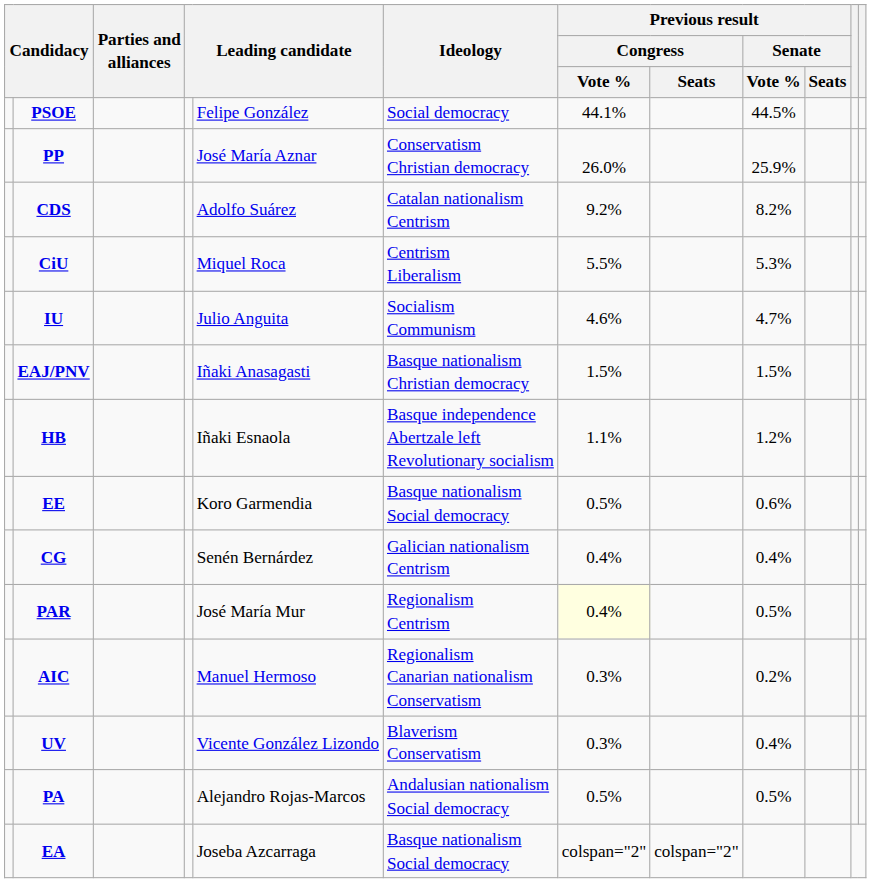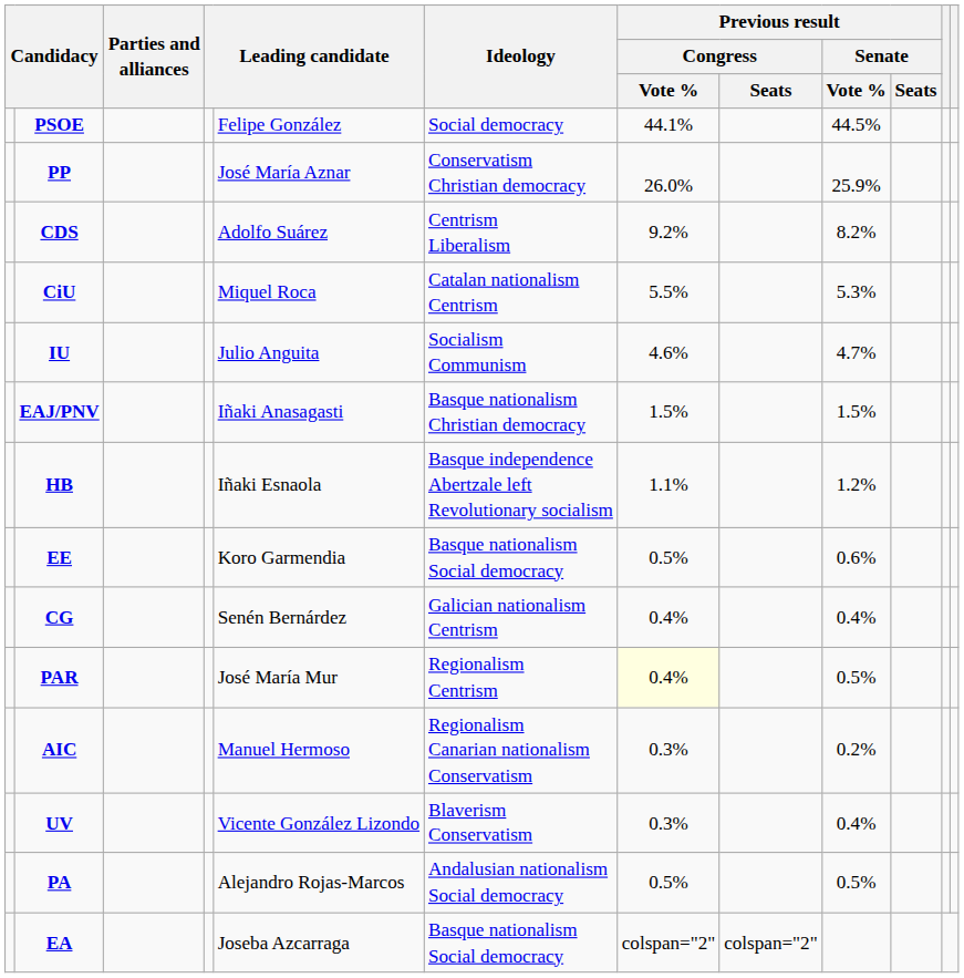 <table class="wikitable" style="line-height:1.35em; text-align:left;">
 <tr>
 <th colspan="2" rowspan="3">Candidacy</th>
 <th rowspan="3">Parties and<br>alliances</th>
 <th colspan="2" rowspan="3">Leading candidate</th>
 <th rowspan="3">Ideology</th>
 <th colspan="4">Previous result</th>
 <th rowspan="3"></th>
 <th rowspan="3"></th>
 </tr>
 <tr>
 <th colspan="2">Congress</th>
 <th colspan="2">Senate</th>
 </tr>
 <tr>
 <th>Vote %</th>
 <th>Seats</th>
 <th>Vote %</th>
 <th>Seats</th>
 </tr>
 <tr>
 <td width="1" style="color:inherit;background:"></td>
 <td align="center"><strong><a href='#'>PSOE</a></strong></td>
 <td></td>
 <td></td>
 <td><a href='#'>Felipe González</a></td>
 <td><a href='#'>Social democracy</a></td>
 <td align="center">44.1%</td>
 <td></td>
 <td align="center">44.5%</td>
 <td></td>
 <td></td>
 <td></td>
 </tr>
 <tr>
 <td style="color:inherit;background:"></td>
 <td align="center"><strong><a href='#'>PP</a></strong></td>
 <td></td>
 <td></td>
 <td><a href='#'>José María Aznar</a></td>
 <td><a href='#'>Conservatism</a><br><a href='#'>Christian democracy</a></td>
 <td align="center"><br>26.0%<br></td>
 <td></td>
 <td align="center"><br>25.9%<br></td>
 <td></td>
 <td></td>
 <td></td>
 </tr>
 <tr>
 <td style="color:inherit;background:"></td>
 <td align="center"><strong><a href='#'>CDS</a></strong></td>
 <td></td>
 <td></td>
 <td><a href='#'>Adolfo Suárez</a></td>
-<td><a href='#'>Catalan nationalism</a><br><a href='#'>Centrism</a></td>
+<td><a href='#'>Centrism</a><br><a href='#'>Liberalism</a></td>
 <td align="center">9.2%</td>
 <td></td>
 <td align="center">8.2%</td>
 <td></td>
 <td></td>
 <td></td>
 </tr>
 <tr>
 <td style="color:inherit;background:"></td>
 <td align="center"><strong><a href='#'>CiU</a></strong></td>
 <td></td>
 <td></td>
 <td><a href='#'>Miquel Roca</a></td>
-<td><a href='#'>Centrism</a><br><a href='#'>Liberalism</a></td>
+<td><a href='#'>Catalan nationalism</a><br><a href='#'>Centrism</a></td>
 <td align="center">5.5%</td>
 <td></td>
 <td align="center">5.3%</td>
 <td></td>
 <td></td>
 <td></td>
 </tr>
 <tr>
 <td style="color:inherit;background:"></td>
 <td align="center"><strong><a href='#'>IU</a></strong></td>
 <td></td>
 <td></td>
 <td><a href='#'>Julio Anguita</a></td>
 <td><a href='#'>Socialism</a><br><a href='#'>Communism</a></td>
 <td align="center">4.6%</td>
 <td></td>
 <td align="center">4.7%</td>
 <td></td>
 <td></td>
 <td></td>
 </tr>
 <tr>
 <td style="color:inherit;background:"></td>
 <td align="center"><strong><a href='#'>EAJ/PNV</a></strong></td>
 <td></td>
 <td></td>
 <td><a href='#'>Iñaki Anasagasti</a></td>
 <td><a href='#'>Basque nationalism</a><br><a href='#'>Christian democracy</a></td>
 <td align="center">1.5%</td>
 <td></td>
 <td align="center">1.5%</td>
 <td></td>
 <td></td>
 <td></td>
 </tr>
 <tr>
 <td style="color:inherit;background:"></td>
 <td align="center"><strong><a href='#'>HB</a></strong></td>
 <td></td>
 <td></td>
 <td>Iñaki Esnaola</td>
 <td><a href='#'>Basque independence</a><br><a href='#'>Abertzale left</a><br><a href='#'>Revolutionary socialism</a></td>
 <td align="center">1.1%</td>
 <td></td>
 <td align="center">1.2%</td>
 <td></td>
 <td></td>
 <td></td>
 </tr>
 <tr>
 <td style="color:inherit;background:"></td>
 <td align="center"><strong><a href='#'>EE</a></strong></td>
 <td></td>
 <td></td>
 <td>Koro Garmendia</td>
 <td><a href='#'>Basque nationalism</a><br><a href='#'>Social democracy</a></td>
 <td align="center">0.5%</td>
 <td></td>
 <td align="center">0.6%</td>
 <td></td>
 <td></td>
 <td></td>
 </tr>
 <tr>
 <td style="color:inherit;background:"></td>
 <td align="center"><strong><a href='#'>CG</a></strong></td>
 <td></td>
 <td></td>
 <td>Senén Bernárdez</td>
 <td><a href='#'>Galician nationalism</a><br><a href='#'>Centrism</a></td>
 <td align="center">0.4%</td>
 <td></td>
 <td align="center">0.4%</td>
 <td></td>
 <td></td>
 <td></td>
 </tr>
 <tr>
 <td style="color:inherit;background:"></td>
 <td align="center"><strong><a href='#'>PAR</a></strong></td>
 <td></td>
 <td></td>
 <td>José María Mur</td>
 <td><a href='#'>Regionalism</a><br><a href='#'>Centrism</a></td>
 <td align="center" style="background: lightyellow;">0.4%</td>
 <td></td>
 <td align="center">0.5%</td>
 <td></td>
 <td></td>
 <td></td>
 </tr>
 <tr>
 <td style="color:inherit;background:"></td>
 <td align="center"><strong><a href='#'>AIC</a></strong></td>
 <td></td>
 <td></td>
 <td><a href='#'>Manuel Hermoso</a></td>
 <td><a href='#'>Regionalism</a><br><a href='#'>Canarian nationalism</a><br><a href='#'>Conservatism</a></td>
 <td align="center">0.3%</td>
 <td></td>
 <td align="center">0.2%</td>
 <td></td>
 <td></td>
 <td></td>
 </tr>
 <tr>
 <td style="color:inherit;background:"></td>
 <td align="center"><strong><a href='#'>UV</a></strong></td>
 <td></td>
 <td></td>
 <td><a href='#'>Vicente González Lizondo</a></td>
 <td><a href='#'>Blaverism</a><br><a href='#'>Conservatism</a></td>
 <td align="center">0.3%</td>
 <td></td>
 <td align="center">0.4%</td>
 <td></td>
 <td></td>
 <td></td>
 </tr>
 <tr>
 <td style="color:inherit;background:"></td>
 <td align="center"><strong><a href='#'>PA</a></strong></td>
 <td></td>
 <td></td>
 <td>Alejandro Rojas-Marcos</td>
 <td><a href='#'>Andalusian nationalism</a><br><a href='#'>Social democracy</a></td>
 <td align="center">0.5%</td>
 <td></td>
 <td align="center">0.5%</td>
 <td></td>
 <td></td>
 <td></td>
 </tr>
 <tr>
 <td style="color:inherit;background:"></td>
 <td align="center"><strong><a href='#'>EA</a></strong></td>
 <td></td>
 <td></td>
 <td>Joseba Azcarraga</td>
 <td><a href='#'>Basque nationalism</a><br><a href='#'>Social democracy</a></td>
 <td>colspan="2" </td>
 <td>colspan="2" </td>
 <td></td>
 <td></td>
 </tr>
 </table>
